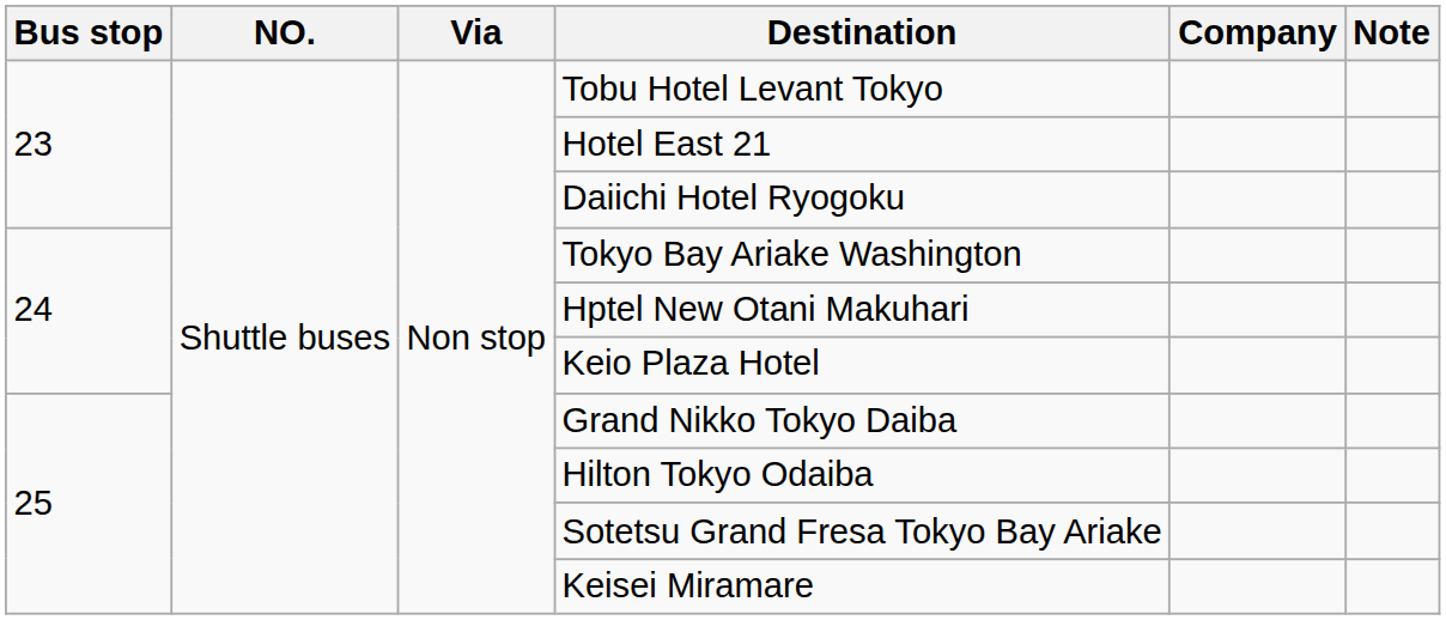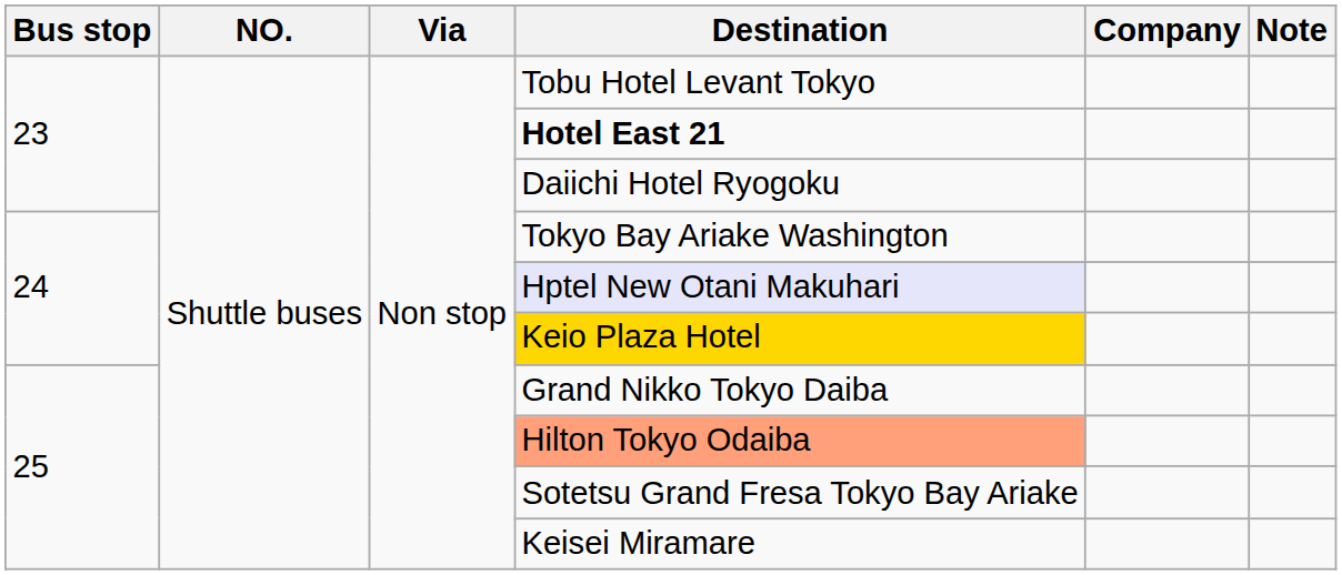 <table class="wikitable">
 <tr>
 <th>Bus stop</th>
 <th>NO.</th>
 <th>Via</th>
 <th>Destination</th>
 <th>Company</th>
 <th>Note</th>
 </tr>
 <tr>
 <td rowspan="3">23</td>
 <td rowspan="12">Shuttle buses</td>
 <td rowspan="12">Non stop</td>
 <td>Tobu Hotel Levant Tokyo</td>
 <td></td>
 <td></td>
 </tr>
 <tr>
-<td>Hotel East 21</td>
+<td><strong>Hotel East 21</strong></td>
 <td></td>
 <td></td>
 </tr>
 <tr>
 <td>Daiichi Hotel Ryogoku</td>
 <td></td>
 <td></td>
 </tr>
 <tr>
 <td rowspan="3">24</td>
 <td>Tokyo Bay Ariake Washington</td>
 <td></td>
 <td></td>
 </tr>
 <tr>
-<td>Hptel New Otani Makuhari</td>
+<td style="background: lavender;">Hptel New Otani Makuhari</td>
 <td></td>
 <td></td>
 </tr>
 <tr>
-<td>Keio Plaza Hotel</td>
+<td style="background: gold;">Keio Plaza Hotel</td>
 <td></td>
 <td></td>
 </tr>
 <tr>
 <td rowspan="4">25</td>
 <td>Grand Nikko Tokyo Daiba</td>
 <td></td>
 <td></td>
 </tr>
 <tr>
-<td>Hilton Tokyo Odaiba</td>
+<td style="background: lightsalmon;">Hilton Tokyo Odaiba</td>
 <td></td>
 <td></td>
 </tr>
 <tr>
 <td>Sotetsu Grand Fresa Tokyo Bay Ariake</td>
 <td></td>
 <td></td>
 </tr>
 <tr>
 <td>Keisei Miramare</td>
 <td></td>
 <td></td>
 </tr>
 </table>
